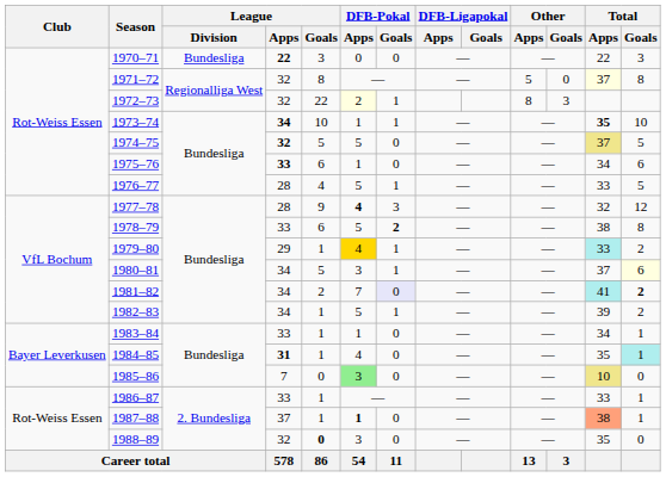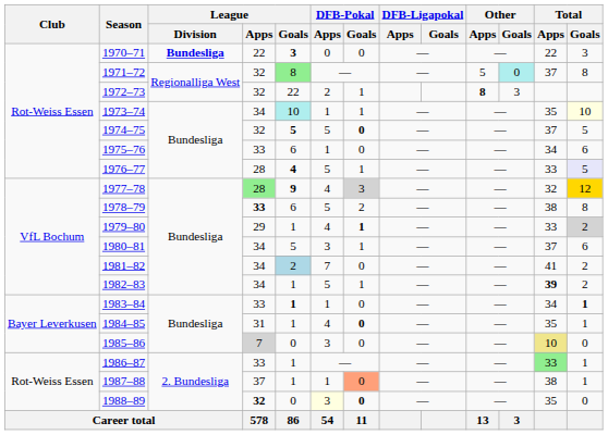 <table class="wikitable" style="text-align:center">
 <tr>
 <th rowspan="2">Club</th>
 <th rowspan="2">Season</th>
 <th colspan="3">League</th>
 <th colspan="2"><a href='#'>DFB-Pokal</a></th>
 <th colspan="2"><a href='#'>DFB-Ligapokal</a></th>
 <th colspan="2">Other</th>
 <th colspan="2">Total</th>
 </tr>
 <tr>
 <th>Division</th>
 <th>Apps</th>
 <th>Goals</th>
 <th>Apps</th>
 <th>Goals</th>
 <th>Apps</th>
 <th>Goals</th>
 <th>Apps</th>
 <th>Goals</th>
 <th>Apps</th>
 <th>Goals</th>
 </tr>
 <tr>
 <td rowspan="7"><a href='#'>Rot-Weiss Essen</a></td>
 <td><a href='#'>1970–71</a></td>
-<td><a href='#'>Bundesliga</a></td>
-<td><strong>22</strong></td>
-<td>3</td>
+<td><strong><a href='#'>Bundesliga</a></strong></td>
+<td>22</td>
+<td><strong>3</strong></td>
 <td>0</td>
 <td>0</td>
 <td colspan="2">—</td>
 <td colspan="2">—</td>
 <td>22</td>
 <td>3</td>
 </tr>
 <tr>
 <td><a href='#'>1971–72</a></td>
 <td rowspan="2"><a href='#'>Regionalliga West</a></td>
 <td>32</td>
-<td>8</td>
+<td style="background: lightgreen;">8</td>
 <td colspan="2">—</td>
 <td colspan="2">—</td>
 <td>5</td>
-<td>0</td>
-<td style="background: lightyellow;">37</td>
+<td style="background: paleturquoise;">0</td>
+<td>37</td>
 <td>8</td>
 </tr>
 <tr>
 <td><a href='#'>1972–73</a></td>
 <td>32</td>
 <td>22</td>
-<td style="background: lightyellow;">2</td>
+<td>2</td>
 <td>1</td>
 <td></td>
 <td></td>
-<td>8</td>
+<td><strong>8</strong></td>
 <td>3</td>
 <td></td>
 <td></td>
 </tr>
 <tr>
 <td><a href='#'>1973–74</a></td>
 <td rowspan="4">Bundesliga</td>
-<td><strong>34</strong></td>
-<td>10</td>
+<td>34</td>
+<td style="background: paleturquoise;">10</td>
 <td>1</td>
 <td>1</td>
 <td colspan="2">—</td>
 <td colspan="2">—</td>
-<td><strong>35</strong></td>
-<td>10</td>
+<td>35</td>
+<td style="background: lightyellow;">10</td>
 </tr>
 <tr>
 <td><a href='#'>1974–75</a></td>
-<td><strong>32</strong></td>
+<td>32</td>
+<td><strong>5</strong></td>
 <td>5</td>
-<td>5</td>
-<td>0</td>
+<td><strong>0</strong></td>
 <td colspan="2">—</td>
 <td colspan="2">—</td>
-<td style="background: khaki;">37</td>
+<td>37</td>
 <td>5</td>
 </tr>
 <tr>
 <td><a href='#'>1975–76</a></td>
-<td><strong>33</strong></td>
+<td>33</td>
 <td>6</td>
 <td>1</td>
 <td>0</td>
 <td colspan="2">—</td>
 <td colspan="2">—</td>
 <td>34</td>
 <td>6</td>
 </tr>
 <tr>
 <td><a href='#'>1976–77</a></td>
 <td>28</td>
-<td>4</td>
+<td><strong>4</strong></td>
 <td>5</td>
 <td>1</td>
 <td colspan="2">—</td>
 <td colspan="2">—</td>
 <td>33</td>
-<td>5</td>
+<td style="background: lavender;">5</td>
 </tr>
 <tr>
 <td rowspan="6"><a href='#'>VfL Bochum</a></td>
 <td><a href='#'>1977–78</a></td>
 <td rowspan="6">Bundesliga</td>
-<td>28</td>
-<td>9</td>
-<td><strong>4</strong></td>
-<td>3</td>
+<td style="background: lightgreen;">28</td>
+<td><strong>9</strong></td>
+<td>4</td>
+<td style="background: lightgrey;">3</td>
 <td colspan="2">—</td>
 <td colspan="2">—</td>
 <td>32</td>
-<td>12</td>
+<td style="background: gold;">12</td>
 </tr>
 <tr>
 <td><a href='#'>1978–79</a></td>
-<td>33</td>
+<td><strong>33</strong></td>
 <td>6</td>
 <td>5</td>
-<td><strong>2</strong></td>
+<td>2</td>
 <td colspan="2">—</td>
 <td colspan="2">—</td>
 <td>38</td>
 <td>8</td>
 </tr>
 <tr>
 <td><a href='#'>1979–80</a></td>
 <td>29</td>
 <td>1</td>
-<td style="background: gold;">4</td>
-<td>1</td>
+<td>4</td>
+<td><strong>1</strong></td>
 <td colspan="2">—</td>
 <td colspan="2">—</td>
-<td style="background: paleturquoise;">33</td>
-<td>2</td>
+<td>33</td>
+<td style="background: lightgrey;">2</td>
 </tr>
 <tr>
 <td><a href='#'>1980–81</a></td>
 <td>34</td>
 <td>5</td>
 <td>3</td>
 <td>1</td>
 <td colspan="2">—</td>
 <td colspan="2">—</td>
 <td>37</td>
-<td style="background: lightyellow;">6</td>
+<td>6</td>
 </tr>
 <tr>
 <td><a href='#'>1981–82</a></td>
 <td>34</td>
-<td>2</td>
+<td style="background: lightblue;">2</td>
 <td>7</td>
-<td style="background: lavender;">0</td>
+<td>0</td>
 <td colspan="2">—</td>
 <td colspan="2">—</td>
-<td style="background: paleturquoise;">41</td>
-<td><strong>2</strong></td>
+<td>41</td>
+<td>2</td>
 </tr>
 <tr>
 <td><a href='#'>1982–83</a></td>
 <td>34</td>
 <td>1</td>
 <td>5</td>
 <td>1</td>
 <td colspan="2">—</td>
 <td colspan="2">—</td>
-<td>39</td>
+<td><strong>39</strong></td>
 <td>2</td>
 </tr>
 <tr>
 <td rowspan="3"><a href='#'>Bayer Leverkusen</a></td>
 <td><a href='#'>1983–84</a></td>
 <td rowspan="3">Bundesliga</td>
 <td>33</td>
-<td>1</td>
+<td><strong>1</strong></td>
 <td>1</td>
 <td>0</td>
 <td colspan="2">—</td>
 <td colspan="2">—</td>
 <td>34</td>
+<td><strong>1</strong></td>
+</tr>
+<tr>
+<td><a href='#'>1984–85</a></td>
+<td>31</td>
+<td>1</td>
+<td>4</td>
+<td><strong>0</strong></td>
+<td colspan="2">—</td>
+<td colspan="2">—</td>
+<td>35</td>
 <td>1</td>
 </tr>
 <tr>
-<td><a href='#'>1984–85</a></td>
-<td><strong>31</strong></td>
-<td>1</td>
-<td>4</td>
+<td><a href='#'>1985–86</a></td>
+<td style="background: lightgrey;">7</td>
 <td>0</td>
-<td colspan="2">—</td>
-<td colspan="2">—</td>
-<td>35</td>
-<td style="background: paleturquoise;">1</td>
-</tr>
-<tr>
-<td><a href='#'>1985–86</a></td>
-<td>7</td>
-<td>0</td>
-<td style="background: lightgreen;">3</td>
+<td>3</td>
 <td>0</td>
 <td colspan="2">—</td>
 <td colspan="2">—</td>
 <td style="background: khaki;">10</td>
 <td>0</td>
 </tr>
 <tr>
 <td rowspan="3">Rot-Weiss Essen</td>
 <td><a href='#'>1986–87</a></td>
 <td rowspan="3"><a href='#'>2. Bundesliga</a></td>
 <td>33</td>
 <td>1</td>
 <td colspan="2">—</td>
 <td colspan="2">—</td>
 <td colspan="2">—</td>
-<td>33</td>
+<td style="background: lightgreen;">33</td>
 <td>1</td>
 </tr>
 <tr>
 <td><a href='#'>1987–88</a></td>
 <td>37</td>
 <td>1</td>
-<td><strong>1</strong></td>
-<td>0</td>
+<td>1</td>
+<td style="background: lightsalmon;">0</td>
 <td colspan="2">—</td>
 <td colspan="2">—</td>
-<td style="background: lightsalmon;">38</td>
+<td>38</td>
 <td>1</td>
 </tr>
 <tr>
 <td><a href='#'>1988–89</a></td>
-<td>32</td>
+<td><strong>32</strong></td>
+<td>0</td>
+<td style="background: lightyellow;">3</td>
 <td><strong>0</strong></td>
-<td>3</td>
-<td>0</td>
 <td colspan="2">—</td>
 <td colspan="2">—</td>
 <td>35</td>
 <td>0</td>
 </tr>
 <tr>
 <th colspan="3">Career total</th>
 <th>578</th>
 <th>86</th>
 <th>54</th>
 <th>11</th>
 <th></th>
 <th></th>
 <th>13</th>
 <th>3</th>
 <th></th>
 <th></th>
 </tr>
 </table>
